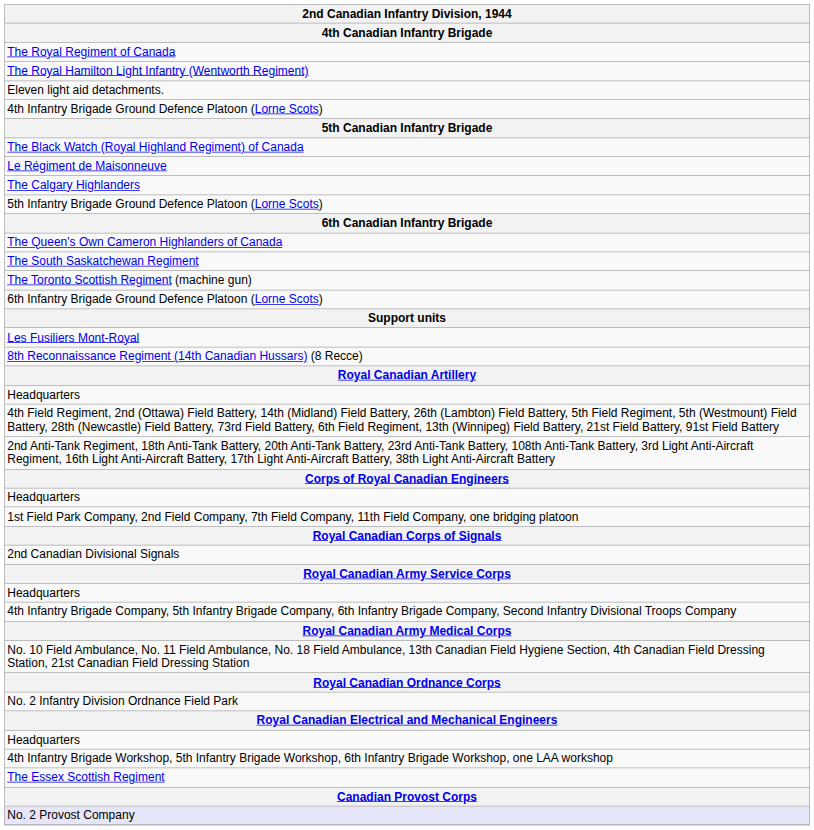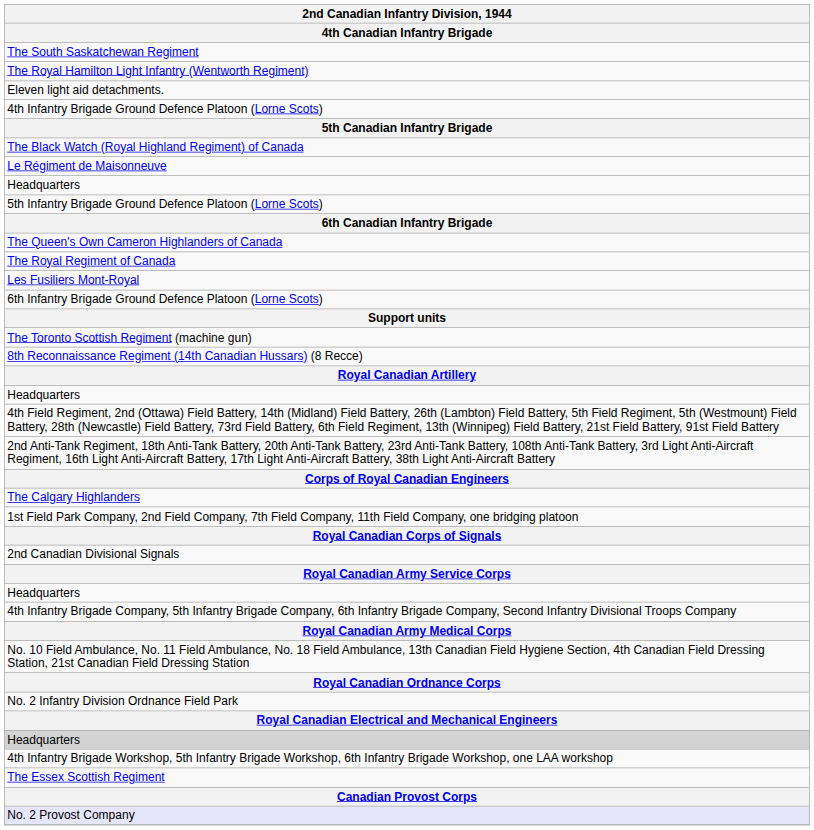 <table class="wikitable" width="85%" style="margin: 1em auto 1em auto">
 <tr>
 <th bgcolor="#f9f9f9;"><strong>2nd Canadian Infantry Division, 1944</strong></th>
 </tr>
 <tr>
 <th bgcolor="#f9f9f9;">4th Canadian Infantry Brigade</th>
 </tr>
 <tr>
-<td><a href='#'>The Royal Regiment of Canada</a></td>
+<td><a href='#'>The South Saskatchewan Regiment</a></td>
 </tr>
 <tr>
 <td><a href='#'>The Royal Hamilton Light Infantry (Wentworth Regiment)</a></td>
 </tr>
 <tr>
 <td>Eleven light aid detachments.</td>
 </tr>
 <tr>
 <td>4th Infantry Brigade Ground Defence Platoon (<a href='#'>Lorne Scots</a>)</td>
 </tr>
 <tr>
 <th bgcolor="#f9f9f9;">5th Canadian Infantry Brigade</th>
 </tr>
 <tr>
 <td><a href='#'>The Black Watch (Royal Highland Regiment) of Canada</a></td>
 </tr>
 <tr>
 <td><a href='#'>Le Régiment de Maisonneuve</a></td>
 </tr>
 <tr>
-<td><a href='#'>The Calgary Highlanders</a></td>
+<td>Headquarters</td>
 </tr>
 <tr>
 <td>5th Infantry Brigade Ground Defence Platoon (<a href='#'>Lorne Scots</a>)</td>
 </tr>
 <tr>
 <th bgcolor="#f9f9f9;">6th Canadian Infantry Brigade</th>
 </tr>
 <tr>
 <td><a href='#'>The Queen's Own Cameron Highlanders of Canada</a></td>
 </tr>
 <tr>
-<td><a href='#'>The South Saskatchewan Regiment</a></td>
+<td><a href='#'>The Royal Regiment of Canada</a></td>
 </tr>
 <tr>
-<td><a href='#'>The Toronto Scottish Regiment</a> (machine gun)</td>
+<td><a href='#'>Les Fusiliers Mont-Royal</a></td>
 </tr>
 <tr>
 <td>6th Infantry Brigade Ground Defence Platoon (<a href='#'>Lorne Scots</a>)</td>
 </tr>
 <tr>
 <th bgcolor="#f9f9f9;">Support units</th>
 </tr>
 <tr>
-<td><a href='#'>Les Fusiliers Mont-Royal</a></td>
+<td><a href='#'>The Toronto Scottish Regiment</a> (machine gun)</td>
 </tr>
 <tr>
 <td><a href='#'>8th Reconnaissance Regiment (14th Canadian Hussars)</a> (8 Recce)</td>
 </tr>
 <tr>
 <th bgcolor="#f9f9f9;"><a href='#'>Royal Canadian Artillery</a></th>
 </tr>
 <tr>
 <td>Headquarters</td>
 </tr>
 <tr>
 <td>4th Field Regiment, 2nd (Ottawa) Field Battery, 14th (Midland) Field Battery, 26th (Lambton) Field Battery, 5th Field Regiment, 5th (Westmount) Field Battery, 28th (Newcastle) Field Battery, 73rd Field Battery, 6th Field Regiment, 13th (Winnipeg) Field Battery, 21st Field Battery, 91st Field Battery</td>
 </tr>
 <tr>
 <td>2nd Anti-Tank Regiment, 18th Anti-Tank Battery, 20th Anti-Tank Battery, 23rd Anti-Tank Battery, 108th Anti-Tank Battery, 3rd Light Anti-Aircraft Regiment, 16th Light Anti-Aircraft Battery, 17th Light Anti-Aircraft Battery, 38th Light Anti-Aircraft Battery</td>
 </tr>
 <tr>
 <th bgcolor="#f9f9f9;"><a href='#'>Corps of Royal Canadian Engineers</a></th>
 </tr>
 <tr>
-<td>Headquarters</td>
+<td><a href='#'>The Calgary Highlanders</a></td>
 </tr>
 <tr>
 <td>1st Field Park Company, 2nd Field Company, 7th Field Company, 11th Field Company, one bridging platoon</td>
 </tr>
 <tr>
 <th bgcolor="#f9f9f9;"><a href='#'>Royal Canadian Corps of Signals</a></th>
 </tr>
 <tr>
 <td>2nd Canadian Divisional Signals</td>
 </tr>
 <tr>
 <th bgcolor="#f9f9f9;"><a href='#'>Royal Canadian Army Service Corps</a></th>
 </tr>
 <tr>
 <td>Headquarters</td>
 </tr>
 <tr>
 <td>4th Infantry Brigade Company, 5th Infantry Brigade Company, 6th Infantry Brigade Company, Second Infantry Divisional Troops Company</td>
 </tr>
 <tr>
 <th bgcolor="#f9f9f9;"><a href='#'>Royal Canadian Army Medical Corps</a></th>
 </tr>
 <tr>
 <td>No. 10 Field Ambulance, No. 11 Field Ambulance, No. 18 Field Ambulance, 13th Canadian Field Hygiene Section, 4th Canadian Field Dressing Station, 21st Canadian Field Dressing Station</td>
 </tr>
 <tr>
 <th bgcolor="#f9f9f9;"><a href='#'>Royal Canadian Ordnance Corps</a></th>
 </tr>
 <tr>
 <td>No. 2 Infantry Division Ordnance Field Park</td>
 </tr>
 <tr>
 <th bgcolor="#f9f9f9;"><a href='#'>Royal Canadian Electrical and Mechanical Engineers</a></th>
 </tr>
 <tr>
-<td>Headquarters</td>
+<td style="background: lightgrey;">Headquarters</td>
 </tr>
 <tr>
 <td>4th Infantry Brigade Workshop, 5th Infantry Brigade Workshop, 6th Infantry Brigade Workshop, one LAA workshop</td>
 </tr>
 <tr>
 <td><a href='#'>The Essex Scottish Regiment</a></td>
 </tr>
 <tr>
 <th bgcolor="#f9f9f9;"><a href='#'>Canadian Provost Corps</a></th>
 </tr>
 <tr>
 <td style="background: lavender;">No. 2 Provost Company</td>
 </tr>
 <tr>
 </tr>
 </table>
